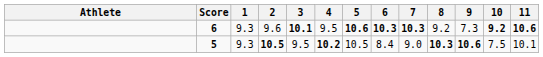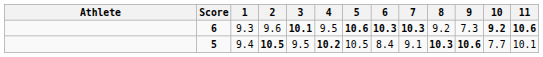 <table class="wikitable" style="text-align:center">
 <tr>
 <th width=250>Athlete</th>
 <th width=40>Score</th>
 <th width=30>1</th>
 <th width=30>2</th>
 <th width=30>3</th>
 <th width=30>4</th>
 <th width=30>5</th>
 <th width=30>6</th>
 <th width=30>7</th>
 <th width=30>8</th>
 <th width=30>9</th>
 <th width=30>10</th>
 <th width=30>11</th>
 </tr>
 <tr>
 <td align=left></td>
 <td><strong>6</strong></td>
 <td>9.3</td>
 <td>9.6</td>
 <td><strong>10.1</strong></td>
 <td>9.5</td>
 <td><strong>10.6</strong></td>
 <td><strong>10.3</strong></td>
 <td><strong>10.3</strong></td>
 <td>9.2</td>
 <td>7.3</td>
 <td><strong>9.2</strong></td>
 <td><strong>10.6</strong></td>
 </tr>
 <tr>
 <td align=left></td>
 <td><strong>5</strong></td>
-<td>9.3</td>
+<td>9.4</td>
 <td><strong>10.5</strong></td>
 <td>9.5</td>
 <td><strong>10.2</strong></td>
 <td>10.5</td>
 <td>8.4</td>
-<td>9.0</td>
+<td>9.1</td>
 <td><strong>10.3</strong></td>
 <td><strong>10.6</strong></td>
-<td>7.5</td>
+<td>7.7</td>
 <td>10.1</td>
 </tr>
 </table>
